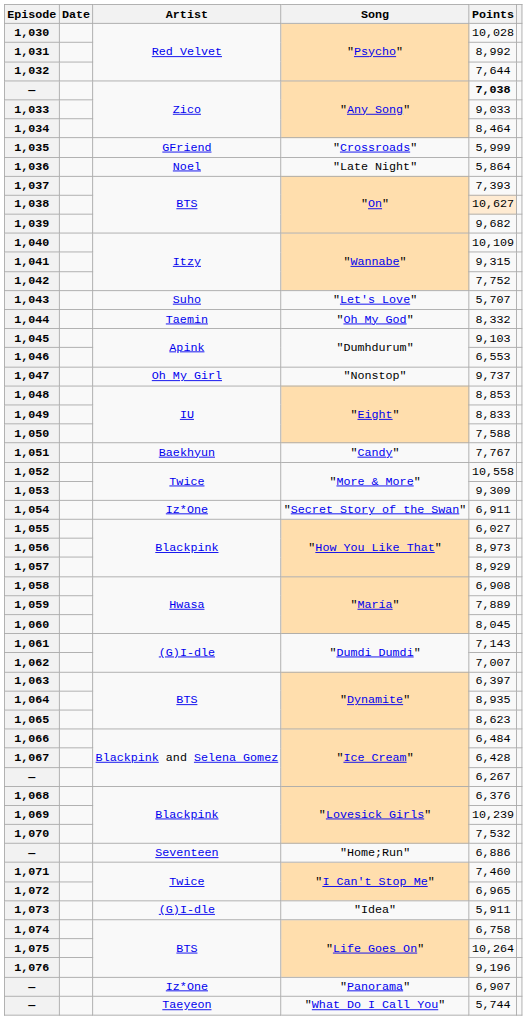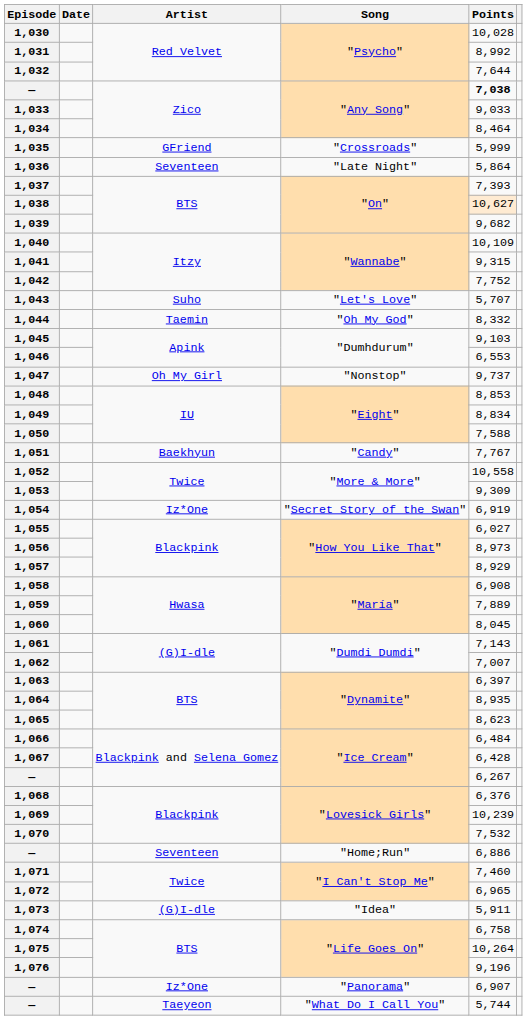 <table class="wikitable plainrowheaders sortable" style="text-align:center">
 <tr>
 <th scope="col">Episode</th>
 <th scope="col">Date</th>
 <th scope="col">Artist</th>
 <th scope="col">Song</th>
 <th scope="col">Points</th>
 <th scope="col" class="unsortable"></th>
 </tr>
 <tr>
 <th scope="row">1,030</th>
 <td></td>
 <td rowspan="3"><a href='#'>Red Velvet</a></td>
 <td rowspan="3" style="background-color:#FFDEAD">"<a href='#'>Psycho</a>" </td>
 <td>10,028</td>
 <td></td>
 </tr>
 <tr>
 <th scope="row">1,031</th>
 <td></td>
 <td>8,992</td>
 <td></td>
 </tr>
 <tr>
 <th scope="row">1,032</th>
 <td></td>
 <td>7,644</td>
 <td></td>
 </tr>
 <tr>
 <th scope="row" data-sort-value="1,032.5">—</th>
 <td></td>
 <td rowspan="3"><a href='#'>Zico</a></td>
 <td rowspan="3" style="background-color:#FFDEAD">"<a href='#'>Any Song</a>" </td>
 <td><strong>7,038</strong></td>
 <td></td>
 </tr>
 <tr>
 <th scope="row">1,033</th>
 <td></td>
 <td>9,033</td>
 <td></td>
 </tr>
 <tr>
 <th scope="row">1,034</th>
 <td></td>
 <td>8,464</td>
 <td></td>
 </tr>
 <tr>
 <th scope="row">1,035</th>
 <td></td>
 <td><a href='#'>GFriend</a></td>
 <td>"<a href='#'>Crossroads</a>"</td>
 <td>5,999</td>
 <td></td>
 </tr>
 <tr>
 <th scope="row">1,036</th>
 <td></td>
-<td><a href='#'>Noel</a></td>
+<td><a href='#'>Seventeen</a></td>
 <td>"Late Night"</td>
 <td>5,864</td>
 <td></td>
 </tr>
 <tr>
 <th scope="row">1,037</th>
 <td></td>
 <td rowspan="3"><a href='#'>BTS</a></td>
 <td rowspan="3" style="background-color:#FFDEAD">"<a href='#'>On</a>" </td>
 <td>7,393</td>
 <td></td>
 </tr>
 <tr>
 <th scope="row">1,038</th>
 <td></td>
 <td style='background:#ffebd2'>10,627 </td>
 <td></td>
 </tr>
 <tr>
 <th scope="row">1,039</th>
 <td></td>
 <td>9,682</td>
 <td></td>
 </tr>
 <tr>
 <th scope="row">1,040</th>
 <td></td>
 <td rowspan="3"><a href='#'>Itzy</a></td>
 <td rowspan="3" style="background-color:#FFDEAD">"<a href='#'>Wannabe</a>" </td>
 <td>10,109</td>
 <td></td>
 </tr>
 <tr>
 <th scope="row">1,041</th>
 <td></td>
 <td>9,315</td>
 <td></td>
 </tr>
 <tr>
 <th scope="row">1,042</th>
 <td></td>
 <td>7,752</td>
 <td></td>
 </tr>
 <tr>
 <th scope="row">1,043</th>
 <td></td>
 <td><a href='#'>Suho</a></td>
 <td>"<a href='#'>Let's Love</a>"</td>
 <td>5,707</td>
 <td></td>
 </tr>
 <tr>
 <th scope="row">1,044</th>
 <td></td>
 <td><a href='#'>Taemin</a></td>
 <td>"<a href='#'>Oh My God</a>"</td>
 <td>8,332</td>
 <td></td>
 </tr>
 <tr>
 <th scope="row">1,045</th>
 <td></td>
 <td rowspan="2"><a href='#'>Apink</a></td>
 <td rowspan="2">"Dumhdurum"</td>
 <td>9,103</td>
 <td></td>
 </tr>
 <tr>
 <th scope="row">1,046</th>
 <td></td>
 <td>6,553</td>
 <td></td>
 </tr>
 <tr>
 <th scope="row">1,047</th>
 <td></td>
 <td><a href='#'>Oh My Girl</a></td>
 <td>"Nonstop"</td>
 <td>9,737</td>
 <td></td>
 </tr>
 <tr>
 <th scope="row">1,048</th>
 <td></td>
 <td rowspan="3"><a href='#'>IU</a></td>
 <td rowspan="3" style="background-color:#FFDEAD">"<a href='#'>Eight</a>" </td>
 <td>8,853</td>
 <td></td>
 </tr>
 <tr>
 <th scope="row">1,049</th>
 <td></td>
-<td>8,833</td>
+<td>8,834</td>
 <td></td>
 </tr>
 <tr>
 <th scope="row">1,050</th>
 <td></td>
 <td>7,588</td>
 <td></td>
 </tr>
 <tr>
 <th scope="row">1,051</th>
 <td></td>
 <td><a href='#'>Baekhyun</a></td>
 <td>"<a href='#'>Candy</a>"</td>
 <td>7,767</td>
 <td></td>
 </tr>
 <tr>
 <th scope="row">1,052</th>
 <td></td>
 <td rowspan="2"><a href='#'>Twice</a></td>
 <td rowspan="2">"<a href='#'>More & More</a>"</td>
 <td>10,558</td>
 <td></td>
 </tr>
 <tr>
 <th scope="row">1,053</th>
 <td></td>
 <td>9,309</td>
 <td></td>
 </tr>
 <tr>
 <th scope="row">1,054</th>
 <td></td>
 <td><a href='#'>Iz*One</a></td>
 <td>"<a href='#'>Secret Story of the Swan</a>"</td>
-<td>6,911</td>
+<td>6,919</td>
 <td></td>
 </tr>
 <tr>
 <th scope="row">1,055</th>
 <td></td>
 <td rowspan="3"><a href='#'>Blackpink</a></td>
 <td rowspan="3" style="background-color:#FFDEAD">"<a href='#'>How You Like That</a>" </td>
 <td>6,027</td>
 <td></td>
 </tr>
 <tr>
 <th scope="row">1,056</th>
 <td></td>
 <td>8,973</td>
 <td></td>
 </tr>
 <tr>
 <th scope="row">1,057</th>
 <td></td>
 <td>8,929</td>
 <td></td>
 </tr>
 <tr>
 <th scope="row">1,058</th>
 <td></td>
 <td rowspan="3"><a href='#'>Hwasa</a></td>
 <td rowspan="3" style="background-color:#FFDEAD">"<a href='#'>María</a>" </td>
 <td>6,908</td>
 <td></td>
 </tr>
 <tr>
 <th scope="row">1,059</th>
 <td></td>
 <td>7,889</td>
 <td></td>
 </tr>
 <tr>
 <th scope="row">1,060</th>
 <td></td>
 <td>8,045</td>
 <td></td>
 </tr>
 <tr>
 <th scope="row">1,061</th>
 <td></td>
 <td rowspan="2"><a href='#'>(G)I-dle</a></td>
 <td rowspan="2">"<a href='#'>Dumdi Dumdi</a>"</td>
 <td>7,143</td>
 <td></td>
 </tr>
 <tr>
 <th scope="row">1,062</th>
 <td></td>
 <td>7,007</td>
 <td></td>
 </tr>
 <tr>
 <th scope="row">1,063</th>
 <td></td>
 <td rowspan="3"><a href='#'>BTS</a></td>
 <td rowspan="3" style="background-color:#FFDEAD">"<a href='#'>Dynamite</a>" </td>
 <td>6,397</td>
 <td></td>
 </tr>
 <tr>
 <th scope="row">1,064</th>
 <td></td>
 <td>8,935</td>
 <td></td>
 </tr>
 <tr>
 <th scope="row">1,065</th>
 <td></td>
 <td>8,623</td>
 <td></td>
 </tr>
 <tr>
 <th scope="row">1,066</th>
 <td></td>
 <td rowspan="3"><a href='#'>Blackpink</a> and <a href='#'>Selena Gomez</a></td>
 <td rowspan="3" style="background-color:#FFDEAD">"<a href='#'>Ice Cream</a>" </td>
 <td>6,484</td>
 <td></td>
 </tr>
 <tr>
 <th scope="row">1,067</th>
 <td></td>
 <td>6,428</td>
 <td></td>
 </tr>
 <tr>
 <th scope="row" data-sort-value="1,067.5">—</th>
 <td></td>
 <td>6,267</td>
 <td></td>
 </tr>
 <tr>
 <th scope="row">1,068</th>
 <td></td>
 <td rowspan="3"><a href='#'>Blackpink</a></td>
 <td rowspan="3" style="background-color:#FFDEAD">"<a href='#'>Lovesick Girls</a>" </td>
 <td>6,376</td>
 <td></td>
 </tr>
 <tr>
 <th scope="row">1,069</th>
 <td></td>
 <td>10,239</td>
 <td></td>
 </tr>
 <tr>
 <th scope="row">1,070</th>
 <td></td>
 <td>7,532</td>
 <td></td>
 </tr>
 <tr>
 <th scope="row" data-sort-value="1,070.5">—</th>
 <td></td>
 <td><a href='#'>Seventeen</a></td>
 <td>"Home;Run"</td>
 <td>6,886</td>
 <td></td>
 </tr>
 <tr>
 <th scope="row">1,071</th>
 <td></td>
 <td rowspan="2"><a href='#'>Twice</a></td>
 <td rowspan="2" style="background-color:#FFDEAD">"<a href='#'>I Can't Stop Me</a>" </td>
 <td>7,460</td>
 <td></td>
 </tr>
 <tr>
 <th scope="row">1,072</th>
 <td></td>
 <td>6,965</td>
 <td></td>
 </tr>
 <tr>
 <th scope="row">1,073</th>
 <td></td>
 <td><a href='#'>(G)I-dle</a></td>
 <td>"Idea"</td>
 <td>5,911</td>
 <td></td>
 </tr>
 <tr>
 <th scope="row">1,074</th>
 <td></td>
 <td rowspan="3"><a href='#'>BTS</a></td>
 <td rowspan="3" style="background-color:#FFDEAD">"<a href='#'>Life Goes On</a>" </td>
 <td>6,758</td>
 <td></td>
 </tr>
 <tr>
 <th scope="row">1,075</th>
 <td></td>
 <td>10,264</td>
 <td></td>
 </tr>
 <tr>
 <th scope="row">1,076</th>
 <td></td>
 <td>9,196</td>
 <td></td>
 </tr>
 <tr>
 <th scope="row" data-sort-value="1,076.5">—</th>
 <td></td>
 <td><a href='#'>Iz*One</a></td>
 <td>"<a href='#'>Panorama</a>"</td>
 <td>6,907</td>
 <td></td>
 </tr>
 <tr>
 <th scope="row" data-sort-value="1,077">—</th>
 <td></td>
 <td><a href='#'>Taeyeon</a></td>
 <td>"<a href='#'>What Do I Call You</a>"</td>
 <td>5,744</td>
 <td></td>
 </tr>
 </table>
